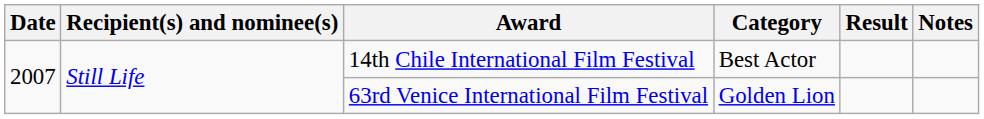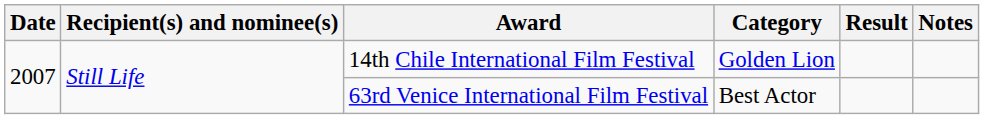 <table class="wikitable">
 <tr>
 <th>Date</th>
 <th>Recipient(s) and nominee(s)</th>
 <th>Award</th>
 <th>Category</th>
 <th>Result</th>
 <th>Notes</th>
 </tr>
 <tr>
 <td rowspan="2">2007</td>
 <td rowspan="2"><em><a href='#'>Still Life</a></em></td>
 <td>14th <a href='#'>Chile International Film Festival</a></td>
-<td>Best Actor</td>
+<td><a href='#'>Golden Lion</a></td>
 <td></td>
 <td></td>
 </tr>
 <tr>
 <td><a href='#'>63rd Venice International Film Festival</a></td>
-<td><a href='#'>Golden Lion</a></td>
+<td>Best Actor</td>
 <td></td>
 <td></td>
 </tr>
 </table>
